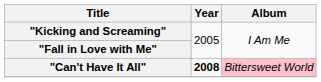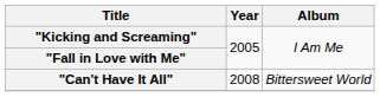 <table class="wikitable plainrowheaders" style="text-align:center;" border="1">
 <tr>
 <th scope="col" style="width:16em;">Title</th>
 <th scope="col">Year</th>
 <th scope="col">Album</th>
 </tr>
 <tr>
 <th scope="row">"Kicking and Screaming"</th>
 <td rowspan="2">2005</td>
 <td rowspan="2"><em>I Am Me</em></td>
 </tr>
 <tr>
 <th scope="row">"Fall in Love with Me"</th>
 </tr>
 <tr>
 <th scope="row">"Can't Have It All"</th>
-<td><strong>2008</strong></td>
-<td style="background: pink;"><em>Bittersweet World</em></td>
+<td>2008</td>
+<td><em>Bittersweet World</em></td>
 </tr>
 <tr>
 </tr>
 </table>
